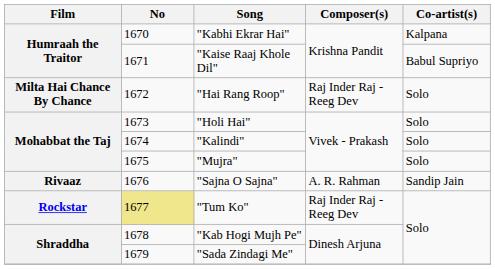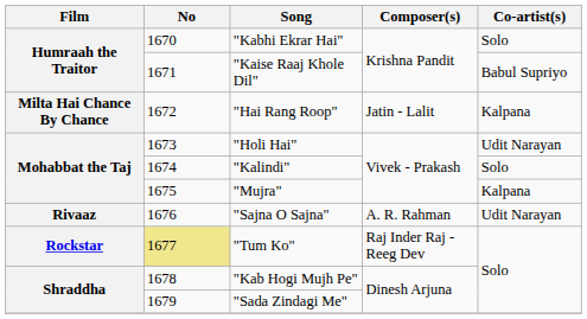 <table class="wikitable plainrowheaders" style="width:100%; textcolor:#000">
 <tr>
 <th scope="col" style="width:24%;">Film</th>
 <th>No</th>
 <th scope="col" style="width:23%;">Song</th>
 <th scope="col" style="width:20%;">Composer(s)</th>
 <th scope="col" style="width:18%;">Co-artist(s)</th>
 </tr>
 <tr>
 <th rowspan=2>Humraah the Traitor</th>
 <td>1670</td>
 <td>"Kabhi Ekrar Hai"</td>
 <td rowspan=2>Krishna Pandit</td>
-<td>Kalpana</td>
+<td>Solo</td>
 </tr>
 <tr>
 <td>1671</td>
 <td>"Kaise Raaj Khole Dil"</td>
 <td>Babul Supriyo</td>
 </tr>
 <tr>
 <th>Milta Hai Chance By Chance</th>
 <td>1672</td>
 <td>"Hai Rang Roop"</td>
-<td>Raj Inder Raj - Reeg Dev</td>
-<td>Solo</td>
+<td>Jatin - Lalit</td>
+<td>Kalpana</td>
 </tr>
 <tr>
 <th rowspan=3>Mohabbat the Taj</th>
 <td>1673</td>
 <td>"Holi Hai"</td>
 <td rowspan=3>Vivek - Prakash</td>
-<td>Solo</td>
+<td>Udit Narayan</td>
 </tr>
 <tr>
 <td>1674</td>
 <td>"Kalindi"</td>
 <td>Solo</td>
 </tr>
 <tr>
 <td>1675</td>
 <td>"Mujra"</td>
-<td>Solo</td>
+<td>Kalpana</td>
 </tr>
 <tr>
 <th>Rivaaz</th>
 <td>1676</td>
 <td>"Sajna O Sajna"</td>
 <td>A. R. Rahman</td>
-<td>Sandip Jain</td>
+<td>Udit Narayan</td>
 </tr>
 <tr>
 <th><a href='#'>Rockstar</a></th>
 <td style="background: khaki;">1677</td>
 <td>"Tum Ko"</td>
 <td>Raj Inder Raj - Reeg Dev</td>
 <td rowspan=3>Solo</td>
 </tr>
 <tr>
 <th rowspan=2>Shraddha</th>
 <td>1678</td>
 <td>"Kab Hogi Mujh Pe"</td>
 <td rowspan=2>Dinesh Arjuna</td>
 </tr>
 <tr>
 <td>1679</td>
 <td>"Sada Zindagi Me"</td>
 </tr>
 <tr>
 </tr>
 </table>
